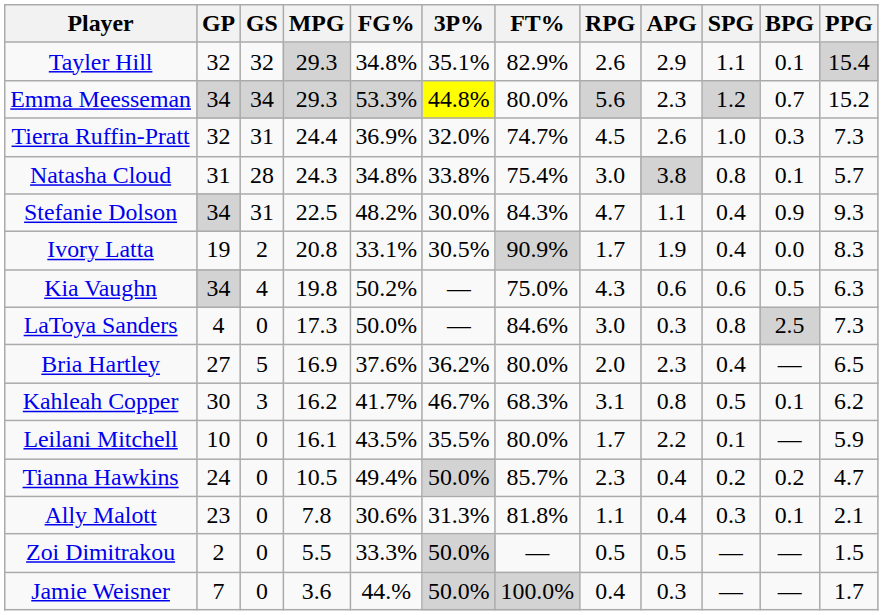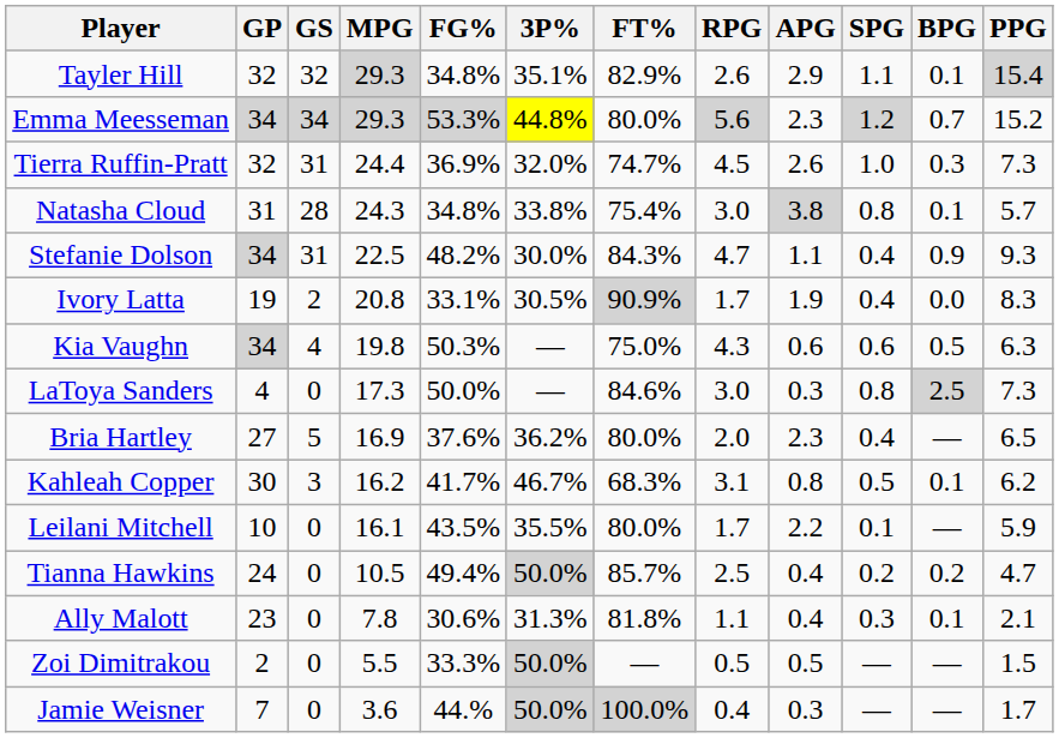 <table class="wikitable sortable" style="text-align:center;">
 <tr>
 <th>Player</th>
 <th>GP</th>
 <th>GS</th>
 <th>MPG</th>
 <th>FG%</th>
 <th>3P%</th>
 <th>FT%</th>
 <th>RPG</th>
 <th>APG</th>
 <th>SPG</th>
 <th>BPG</th>
 <th>PPG</th>
 </tr>
 <tr>
 <td><a href='#'>Tayler Hill</a></td>
 <td>32</td>
 <td>32</td>
 <td style="background:#D3D3D3;">29.3</td>
 <td>34.8%</td>
 <td>35.1%</td>
 <td>82.9%</td>
 <td>2.6</td>
 <td>2.9</td>
 <td>1.1</td>
 <td>0.1</td>
 <td style="background:#D3D3D3;">15.4</td>
 </tr>
 <tr>
 <td><a href='#'>Emma Meesseman</a></td>
 <td style="background:#D3D3D3;">34</td>
 <td style="background:#D3D3D3;">34</td>
 <td style="background:#D3D3D3;">29.3</td>
 <td style="background:#D3D3D3;">53.3%</td>
 <td style="background:yellow">44.8%</td>
 <td>80.0%</td>
 <td style="background:#D3D3D3;">5.6</td>
 <td>2.3</td>
 <td style="background:#D3D3D3;">1.2</td>
 <td>0.7</td>
 <td>15.2</td>
 </tr>
 <tr>
 <td><a href='#'>Tierra Ruffin-Pratt</a></td>
 <td>32</td>
 <td>31</td>
 <td>24.4</td>
 <td>36.9%</td>
 <td>32.0%</td>
 <td>74.7%</td>
 <td>4.5</td>
 <td>2.6</td>
 <td>1.0</td>
 <td>0.3</td>
 <td>7.3</td>
 </tr>
 <tr>
 <td><a href='#'>Natasha Cloud</a></td>
 <td>31</td>
 <td>28</td>
 <td>24.3</td>
 <td>34.8%</td>
 <td>33.8%</td>
 <td>75.4%</td>
 <td>3.0</td>
 <td style="background:#D3D3D3;">3.8</td>
 <td>0.8</td>
 <td>0.1</td>
 <td>5.7</td>
 </tr>
 <tr>
 <td><a href='#'>Stefanie Dolson</a></td>
 <td style="background:#D3D3D3;">34</td>
 <td>31</td>
 <td>22.5</td>
 <td>48.2%</td>
 <td>30.0%</td>
 <td>84.3%</td>
 <td>4.7</td>
 <td>1.1</td>
 <td>0.4</td>
 <td>0.9</td>
 <td>9.3</td>
 </tr>
 <tr>
 <td><a href='#'>Ivory Latta</a></td>
 <td>19</td>
 <td>2</td>
 <td>20.8</td>
 <td>33.1%</td>
 <td>30.5%</td>
 <td style="background:#D3D3D3;">90.9%</td>
 <td>1.7</td>
 <td>1.9</td>
 <td>0.4</td>
 <td>0.0</td>
 <td>8.3</td>
 </tr>
 <tr>
 <td><a href='#'>Kia Vaughn</a></td>
 <td style="background:#D3D3D3;">34</td>
 <td>4</td>
 <td>19.8</td>
-<td>50.2%</td>
+<td>50.3%</td>
 <td>—</td>
 <td>75.0%</td>
 <td>4.3</td>
 <td>0.6</td>
 <td>0.6</td>
 <td>0.5</td>
 <td>6.3</td>
 </tr>
 <tr>
 <td><a href='#'>LaToya Sanders</a></td>
 <td>4</td>
 <td>0</td>
 <td>17.3</td>
 <td>50.0%</td>
 <td>—</td>
 <td>84.6%</td>
 <td>3.0</td>
 <td>0.3</td>
 <td>0.8</td>
 <td style="background:#D3D3D3;">2.5</td>
 <td>7.3</td>
 </tr>
 <tr>
 <td><a href='#'>Bria Hartley</a></td>
 <td>27</td>
 <td>5</td>
 <td>16.9</td>
 <td>37.6%</td>
 <td>36.2%</td>
 <td>80.0%</td>
 <td>2.0</td>
 <td>2.3</td>
 <td>0.4</td>
 <td>—</td>
 <td>6.5</td>
 </tr>
 <tr>
 <td><a href='#'>Kahleah Copper</a></td>
 <td>30</td>
 <td>3</td>
 <td>16.2</td>
 <td>41.7%</td>
 <td>46.7%</td>
 <td>68.3%</td>
 <td>3.1</td>
 <td>0.8</td>
 <td>0.5</td>
 <td>0.1</td>
 <td>6.2</td>
 </tr>
 <tr>
 <td><a href='#'>Leilani Mitchell</a></td>
 <td>10</td>
 <td>0</td>
 <td>16.1</td>
 <td>43.5%</td>
 <td>35.5%</td>
 <td>80.0%</td>
 <td>1.7</td>
 <td>2.2</td>
 <td>0.1</td>
 <td>—</td>
 <td>5.9</td>
 </tr>
 <tr>
 <td><a href='#'>Tianna Hawkins</a></td>
 <td>24</td>
 <td>0</td>
 <td>10.5</td>
 <td>49.4%</td>
 <td style="background:#D3D3D3;">50.0%</td>
 <td>85.7%</td>
-<td>2.3</td>
+<td>2.5</td>
 <td>0.4</td>
 <td>0.2</td>
 <td>0.2</td>
 <td>4.7</td>
 </tr>
 <tr>
 <td><a href='#'>Ally Malott</a></td>
 <td>23</td>
 <td>0</td>
 <td>7.8</td>
 <td>30.6%</td>
 <td>31.3%</td>
 <td>81.8%</td>
 <td>1.1</td>
 <td>0.4</td>
 <td>0.3</td>
 <td>0.1</td>
 <td>2.1</td>
 </tr>
 <tr>
 <td><a href='#'>Zoi Dimitrakou</a></td>
 <td>2</td>
 <td>0</td>
 <td>5.5</td>
 <td>33.3%</td>
 <td style="background:#D3D3D3;">50.0%</td>
 <td>—</td>
 <td>0.5</td>
 <td>0.5</td>
 <td>—</td>
 <td>—</td>
 <td>1.5</td>
 </tr>
 <tr>
 <td><a href='#'>Jamie Weisner</a></td>
 <td>7</td>
 <td>0</td>
 <td>3.6</td>
 <td>44.%</td>
 <td style="background:#D3D3D3;">50.0%</td>
 <td style="background:#D3D3D3;">100.0%</td>
 <td>0.4</td>
 <td>0.3</td>
 <td>—</td>
 <td>—</td>
 <td>1.7</td>
 </tr>
 </table>
